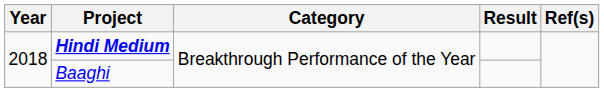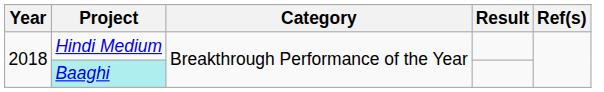 <table class="wikitable style">
 <tr>
 <th>Year</th>
 <th>Project</th>
 <th>Category</th>
 <th>Result</th>
 <th>Ref(s)</th>
 </tr>
 <tr>
 <td rowspan="2">2018</td>
-<td><strong><em><a href='#'>Hindi Medium</a></em></strong></td>
+<td><em><a href='#'>Hindi Medium</a></em></td>
 <td rowspan="2">Breakthrough Performance of the Year</td>
 <td></td>
 <td rowspan="2"></td>
 </tr>
 <tr>
-<td><em><a href='#'>Baaghi</a></em></td>
+<td style="background: paleturquoise;"><em><a href='#'>Baaghi</a></em></td>
 <td></td>
 </tr>
 </table>
